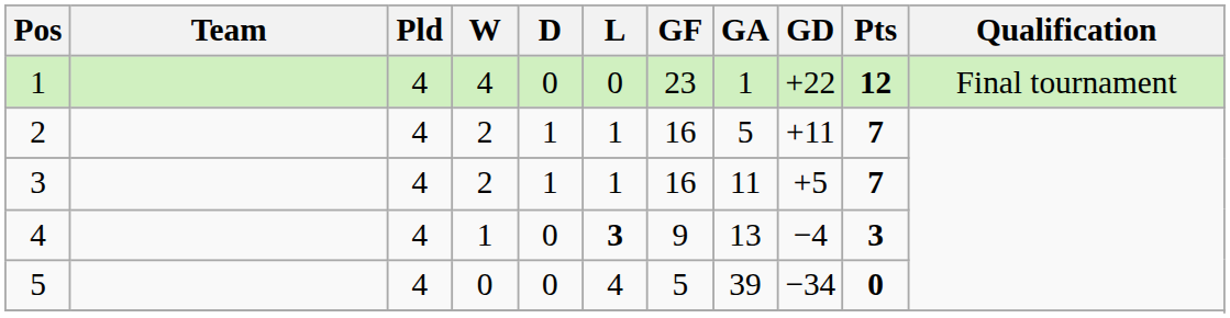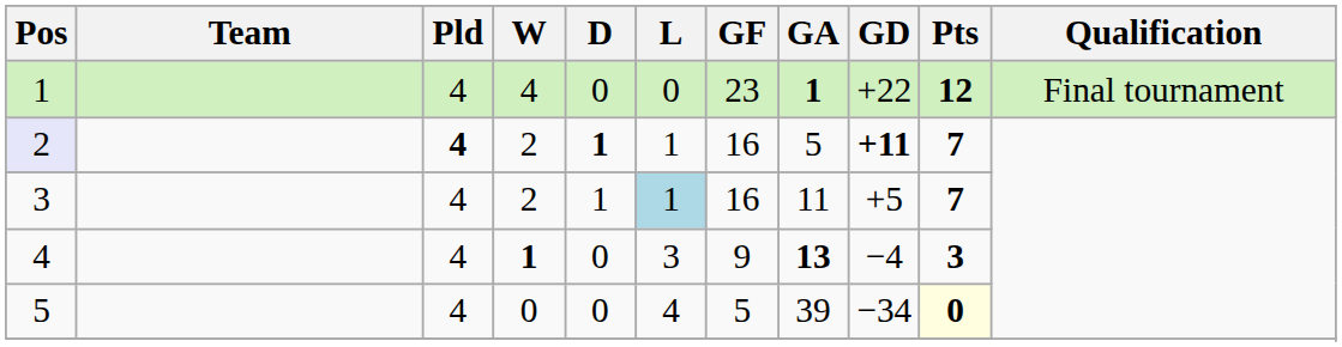 <table class="wikitable" border="1" style="text-align: center;">
 <tr>
 <th width="25"><abbr>Pos</abbr></th>
 <th width="150">Team</th>
 <th width="25"><abbr>Pld</abbr></th>
 <th width="25"><abbr>W</abbr></th>
 <th width="25"><abbr>D</abbr></th>
 <th width="25"><abbr>L</abbr></th>
 <th width="25"><abbr>GF</abbr></th>
 <th width="25"><abbr>GA</abbr></th>
 <th width="25"><abbr>GD</abbr></th>
 <th width="25"><abbr>Pts</abbr></th>
 <th width="150">Qualification</th>
 </tr>
 <tr bgcolor= #D0F0C0>
 <td>1</td>
 <td align="left"></td>
 <td>4</td>
 <td>4</td>
 <td>0</td>
 <td>0</td>
 <td>23</td>
-<td>1</td>
+<td><strong>1</strong></td>
 <td>+22</td>
 <td><strong>12</strong></td>
 <td>Final tournament</td>
 </tr>
 <tr>
+<td style="background: lavender;">2</td>
+<td align="left"></td>
+<td><strong>4</strong></td>
 <td>2</td>
-<td align="left"></td>
-<td>4</td>
-<td>2</td>
-<td>1</td>
+<td><strong>1</strong></td>
 <td>1</td>
 <td>16</td>
 <td>5</td>
-<td>+11</td>
+<td><strong>+11</strong></td>
 <td><strong>7</strong></td>
 </tr>
 <tr>
 <td>3</td>
 <td align="left"></td>
 <td>4</td>
 <td>2</td>
 <td>1</td>
-<td>1</td>
+<td style="background: lightblue;">1</td>
 <td>16</td>
 <td>11</td>
 <td>+5</td>
 <td><strong>7</strong></td>
 </tr>
 <tr>
 <td>4</td>
 <td align="left"></td>
 <td>4</td>
-<td>1</td>
+<td><strong>1</strong></td>
 <td>0</td>
-<td><strong>3</strong></td>
+<td>3</td>
 <td>9</td>
-<td>13</td>
+<td><strong>13</strong></td>
 <td>−4</td>
 <td><strong>3</strong></td>
 </tr>
 <tr>
 <td>5</td>
 <td align="left"></td>
 <td>4</td>
 <td>0</td>
 <td>0</td>
 <td>4</td>
 <td>5</td>
 <td>39</td>
 <td>−34</td>
-<td><strong>0</strong></td>
+<td style="background: lightyellow;"><strong>0</strong></td>
 </tr>
 <tr>
 </tr>
 </table>
